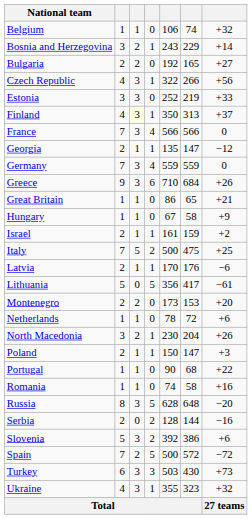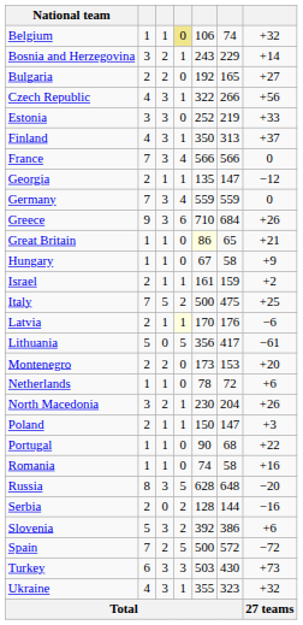 <table class="wikitable sortable" style="text-align: center;">
 <tr>
 <th>National team</th>
 <th width="15"></th>
 <th width="15"></th>
 <th width="15"></th>
 <th></th>
 <th></th>
 <th></th>
 </tr>
 <tr>
 <td align="left"> <a href='#'>Belgium</a></td>
 <td>1</td>
 <td>1</td>
-<td>0</td>
+<td style="background: khaki;">0</td>
 <td>106</td>
 <td>74</td>
 <td>+32</td>
 </tr>
 <tr>
 <td align="left"> <a href='#'>Bosnia and Herzegovina</a></td>
 <td>3</td>
 <td>2</td>
 <td>1</td>
 <td>243</td>
 <td>229</td>
 <td>+14</td>
 </tr>
 <tr>
 <td align="left"> <a href='#'>Bulgaria</a></td>
 <td>2</td>
 <td>2</td>
 <td>0</td>
 <td>192</td>
 <td>165</td>
 <td>+27</td>
 </tr>
 <tr>
 <td align="left"> <a href='#'>Czech Republic</a></td>
 <td>4</td>
 <td>3</td>
 <td>1</td>
 <td>322</td>
 <td>266</td>
 <td>+56</td>
 </tr>
 <tr>
 <td align="left"> <a href='#'>Estonia</a></td>
 <td>3</td>
 <td>3</td>
 <td>0</td>
 <td>252</td>
 <td>219</td>
 <td>+33</td>
 </tr>
 <tr>
 <td align="left"> <a href='#'>Finland</a></td>
 <td>4</td>
-<td style="background: lightyellow;">3</td>
+<td>3</td>
 <td>1</td>
 <td>350</td>
 <td>313</td>
 <td>+37</td>
 </tr>
 <tr>
 <td align="left"> <a href='#'>France</a></td>
 <td>7</td>
 <td>3</td>
 <td>4</td>
 <td>566</td>
 <td>566</td>
 <td>0</td>
 </tr>
 <tr>
 <td align="left"> <a href='#'>Georgia</a></td>
 <td>2</td>
 <td>1</td>
 <td>1</td>
 <td>135</td>
 <td>147</td>
 <td>−12</td>
 </tr>
 <tr>
 <td align="left"> <a href='#'>Germany</a></td>
 <td>7</td>
 <td>3</td>
 <td>4</td>
 <td>559</td>
 <td>559</td>
 <td>0</td>
 </tr>
 <tr>
 <td align="left"> <a href='#'>Greece</a></td>
 <td>9</td>
 <td>3</td>
 <td>6</td>
 <td>710</td>
 <td>684</td>
 <td>+26</td>
 </tr>
 <tr>
 <td align="left"> <a href='#'>Great Britain</a></td>
 <td>1</td>
 <td>1</td>
 <td>0</td>
-<td>86</td>
+<td style="background: lightyellow;">86</td>
 <td>65</td>
 <td>+21</td>
 </tr>
 <tr>
 <td align="left"> <a href='#'>Hungary</a></td>
 <td>1</td>
 <td>1</td>
 <td>0</td>
 <td>67</td>
 <td>58</td>
 <td>+9</td>
 </tr>
 <tr>
 <td align="left"> <a href='#'>Israel</a></td>
 <td>2</td>
 <td>1</td>
 <td>1</td>
 <td>161</td>
 <td>159</td>
 <td>+2</td>
 </tr>
 <tr>
 <td align="left"> <a href='#'>Italy</a></td>
 <td>7</td>
 <td>5</td>
 <td>2</td>
 <td>500</td>
 <td>475</td>
 <td>+25</td>
 </tr>
 <tr>
 <td align="left"> <a href='#'>Latvia</a></td>
 <td>2</td>
 <td>1</td>
-<td>1</td>
+<td style="background: lightyellow;">1</td>
 <td>170</td>
 <td>176</td>
 <td>−6</td>
 </tr>
 <tr>
 <td align="left"> <a href='#'>Lithuania</a></td>
 <td>5</td>
 <td>0</td>
 <td>5</td>
 <td>356</td>
 <td>417</td>
 <td>−61</td>
 </tr>
 <tr>
 <td align="left"> <a href='#'>Montenegro</a></td>
 <td>2</td>
 <td>2</td>
 <td>0</td>
 <td>173</td>
 <td>153</td>
 <td>+20</td>
 </tr>
 <tr>
 <td align="left"> <a href='#'>Netherlands</a></td>
 <td>1</td>
 <td>1</td>
 <td>0</td>
 <td>78</td>
 <td>72</td>
 <td>+6</td>
 </tr>
 <tr>
 <td align="left"> <a href='#'>North Macedonia</a></td>
 <td>3</td>
 <td>2</td>
 <td>1</td>
 <td>230</td>
 <td>204</td>
 <td>+26</td>
 </tr>
 <tr>
 <td align="left"> <a href='#'>Poland</a></td>
 <td>2</td>
 <td>1</td>
 <td>1</td>
 <td>150</td>
 <td>147</td>
 <td>+3</td>
 </tr>
 <tr>
 <td align="left"> <a href='#'>Portugal</a></td>
 <td>1</td>
 <td>1</td>
 <td>0</td>
 <td>90</td>
 <td>68</td>
 <td>+22</td>
 </tr>
 <tr>
 <td align="left"> <a href='#'>Romania</a></td>
 <td>1</td>
 <td>1</td>
 <td>0</td>
 <td>74</td>
 <td>58</td>
 <td>+16</td>
 </tr>
 <tr>
 <td align="left"> <a href='#'>Russia</a></td>
 <td>8</td>
 <td>3</td>
 <td>5</td>
 <td>628</td>
 <td>648</td>
 <td>−20</td>
 </tr>
 <tr>
 <td align="left"> <a href='#'>Serbia</a></td>
 <td>2</td>
 <td>0</td>
 <td>2</td>
 <td>128</td>
 <td>144</td>
 <td>−16</td>
 </tr>
 <tr>
 <td align="left"> <a href='#'>Slovenia</a></td>
 <td>5</td>
 <td>3</td>
 <td>2</td>
 <td>392</td>
 <td>386</td>
 <td>+6</td>
 </tr>
 <tr>
 <td align="left"> <a href='#'>Spain</a></td>
 <td>7</td>
 <td>2</td>
 <td>5</td>
 <td>500</td>
 <td>572</td>
 <td>−72</td>
 </tr>
 <tr>
 <td align="left"> <a href='#'>Turkey</a></td>
 <td>6</td>
 <td>3</td>
 <td>3</td>
 <td>503</td>
 <td>430</td>
 <td>+73</td>
 </tr>
 <tr>
 <td align="left"> <a href='#'>Ukraine</a></td>
 <td>4</td>
 <td>3</td>
 <td>1</td>
 <td>355</td>
 <td>323</td>
 <td>+32</td>
 </tr>
 <tr>
 <th colspan=6>Total</th>
 <th>27 teams</th>
 </tr>
 </table>
